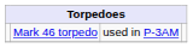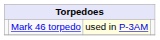 <table class="wikitable">
 <tr>
 <th style="align: center; background: lavender;" colspan="8"><strong>Torpedoes</strong></th>
 </tr>
 <tr>
 <td></td>
 <td><a href='#'>Mark 46 torpedo</a></td>
-<td>used in <a href='#'>P-3AM</a></td>
+<td style="background: lightyellow;">used in <a href='#'>P-3AM</a></td>
 <td></td>
 </tr>
 <tr>
 </tr>
 </table>
